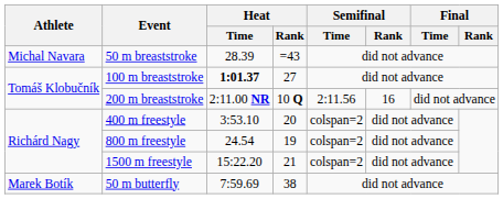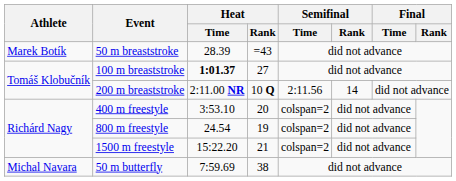 <table class=wikitable style="font-size:90%">
 <tr>
 <th rowspan="2">Athlete</th>
 <th rowspan="2">Event</th>
 <th colspan="2">Heat</th>
 <th colspan="2">Semifinal</th>
 <th colspan="2">Final</th>
 </tr>
 <tr style="font-size:95%">
 <th>Time</th>
 <th>Rank</th>
 <th>Time</th>
 <th>Rank</th>
 <th>Time</th>
 <th>Rank</th>
 </tr>
 <tr align=center>
-<td align=left><a href='#'>Michal Navara</a></td>
+<td align=left><a href='#'>Marek Botík</a></td>
 <td align=left><a href='#'>50 m breaststroke</a></td>
 <td>28.39</td>
 <td>=43</td>
 <td colspan=4>did not advance</td>
 </tr>
 <tr align=center>
 <td align=left rowspan=2><a href='#'>Tomáš Klobučník</a></td>
 <td align=left><a href='#'>100 m breaststroke</a></td>
 <td><strong>1:01.37</strong></td>
 <td>27</td>
 <td colspan=4>did not advance</td>
 </tr>
 <tr align=center>
 <td align=left><a href='#'>200 m breaststroke</a></td>
 <td>2:11.00 <strong><a href='#'>NR</a></strong></td>
 <td>10 <strong>Q</strong></td>
 <td>2:11.56</td>
-<td>16</td>
+<td>14</td>
 <td colspan=2>did not advance</td>
 </tr>
 <tr align=center>
 <td align=left rowspan=3><a href='#'>Richárd Nagy</a></td>
 <td align=left><a href='#'>400 m freestyle</a></td>
 <td>3:53.10</td>
 <td>20</td>
 <td>colspan=2 </td>
 <td colspan=2>did not advance</td>
 </tr>
 <tr align=center>
 <td align=left><a href='#'>800 m freestyle</a></td>
 <td>24.54</td>
 <td>19</td>
 <td>colspan=2 </td>
 <td colspan=2>did not advance</td>
 </tr>
 <tr align=center>
 <td align=left><a href='#'>1500 m freestyle</a></td>
 <td>15:22.20</td>
 <td>21</td>
 <td>colspan=2 </td>
 <td colspan=2>did not advance</td>
 </tr>
 <tr align=center>
-<td align=left><a href='#'>Marek Botík</a></td>
+<td align=left><a href='#'>Michal Navara</a></td>
 <td align=left><a href='#'>50 m butterfly</a></td>
 <td>7:59.69</td>
 <td>38</td>
 <td colspan=4>did not advance</td>
 </tr>
 </table>
